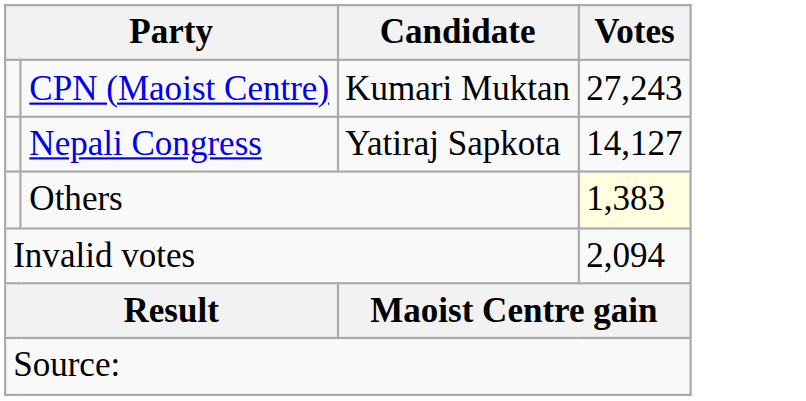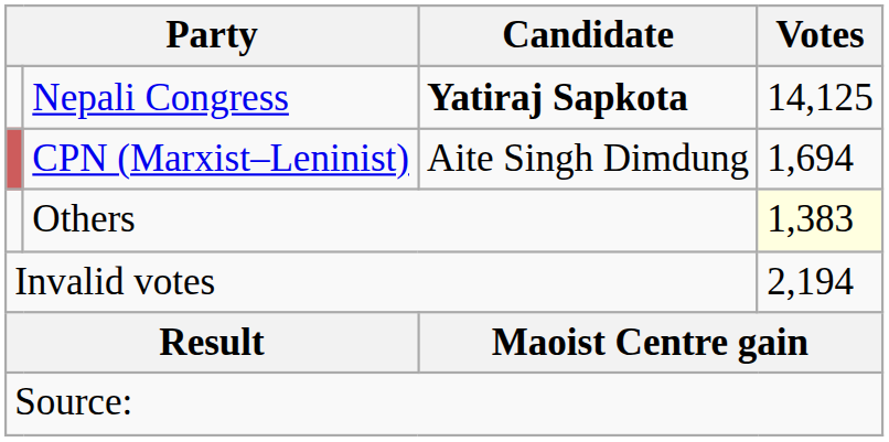 <table class="wikitable">
 <tr>
 <th colspan="2">Party</th>
 <th>Candidate</th>
 <th>Votes</th>
 </tr>
 <tr>
 <td style="background-color:"></td>
-<td><a href='#'>CPN (Maoist Centre)</a></td>
-<td>Kumari Muktan</td>
-<td>27,243</td>
+<td><a href='#'>Nepali Congress</a></td>
+<td><strong>Yatiraj Sapkota</strong></td>
+<td>14,125</td>
 </tr>
 <tr>
-<td style="background-color:"></td>
-<td><a href='#'>Nepali Congress</a></td>
-<td>Yatiraj Sapkota</td>
-<td>14,127</td>
+<td style="background-color:indianred"></td>
+<td><a href='#'>CPN (Marxist–Leninist)</a></td>
+<td>Aite Singh Dimdung</td>
+<td>1,694</td>
 </tr>
 <tr>
 <td></td>
 <td colspan="2">Others</td>
 <td style="background: lightyellow;">1,383</td>
 </tr>
 <tr>
 <td colspan="3">Invalid votes</td>
-<td>2,094</td>
+<td>2,194</td>
 </tr>
 <tr>
 <th colspan="2">Result</th>
 <th colspan="2">Maoist Centre gain</th>
 </tr>
 <tr>
 <td colspan="4">Source: </td>
 </tr>
 </table>
